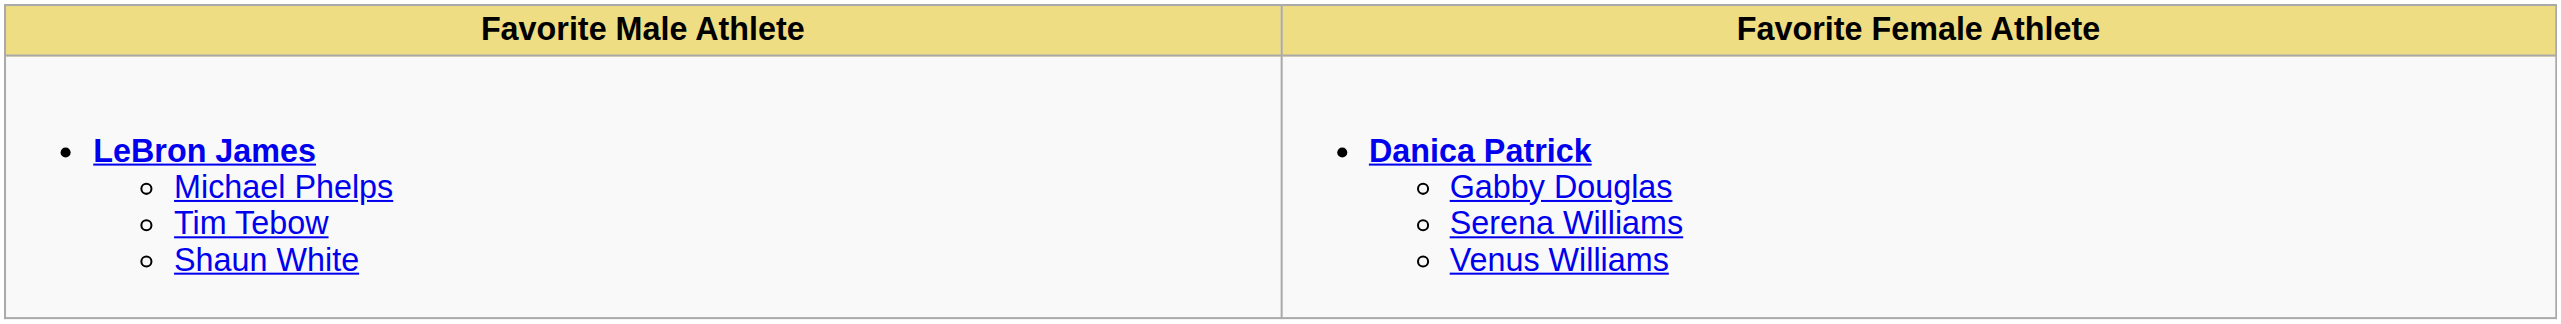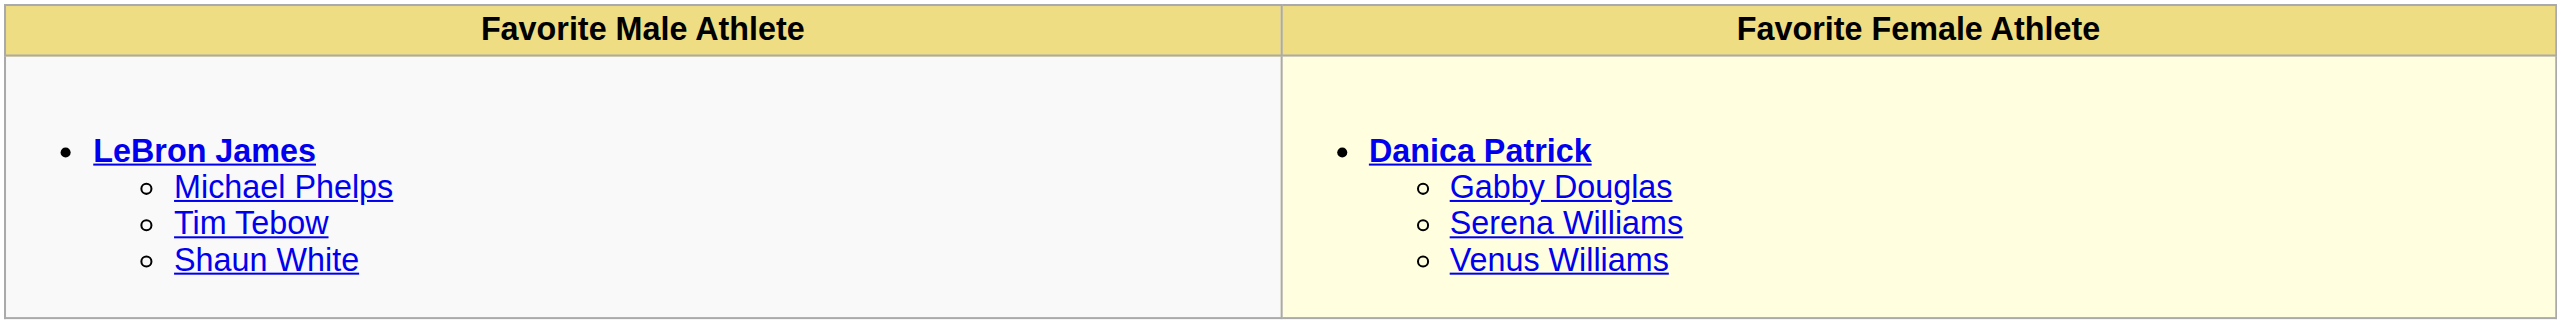 <table class="wikitable" style="width:100%">
 <tr>
 <th style="background:#EEDD82; width:50%">Favorite Male Athlete</th>
 <th style="background:#EEDD82; width:50%">Favorite Female Athlete</th>
 </tr>
 <tr>
 <td valign="top"><br><ul><li><strong><a href='#'>LeBron James</a></strong><ul><li><a href='#'>Michael Phelps</a></li><li><a href='#'>Tim Tebow</a></li><li><a href='#'>Shaun White</a></li></ul></li></ul></td>
-<td valign="top"><br><ul><li><strong><a href='#'>Danica Patrick</a></strong><ul><li><a href='#'>Gabby Douglas</a></li><li><a href='#'>Serena Williams</a></li><li><a href='#'>Venus Williams</a></li></ul></li></ul></td>
+<td valign="top" style="background: lightyellow;"><br><ul><li><strong><a href='#'>Danica Patrick</a></strong><ul><li><a href='#'>Gabby Douglas</a></li><li><a href='#'>Serena Williams</a></li><li><a href='#'>Venus Williams</a></li></ul></li></ul></td>
 </tr>
 </table>
